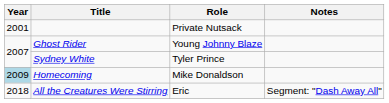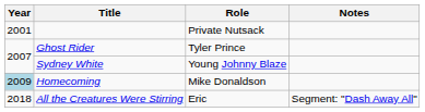 <table class="wikitable sortable">
 <tr>
 <th>Year</th>
 <th>Title</th>
 <th>Role</th>
 <th class="unsortable">Notes</th>
 </tr>
 <tr>
 <td>2001</td>
 <td><em></em></td>
 <td>Private Nutsack</td>
 <td></td>
 </tr>
 <tr>
 <td rowspan="2">2007</td>
 <td><em><a href='#'>Ghost Rider</a></em></td>
-<td>Young <a href='#'>Johnny Blaze</a></td>
+<td>Tyler Prince</td>
 <td></td>
 </tr>
 <tr>
 <td><em><a href='#'>Sydney White</a></em></td>
-<td>Tyler Prince</td>
+<td>Young <a href='#'>Johnny Blaze</a></td>
 <td></td>
 </tr>
 <tr>
 <td style="background: lightblue;">2009</td>
 <td><em><a href='#'>Homecoming</a></em></td>
 <td>Mike Donaldson</td>
 <td></td>
 </tr>
 <tr>
 <td>2018</td>
 <td><em><a href='#'>All the Creatures Were Stirring</a></em></td>
 <td>Eric</td>
 <td>Segment: "<a href='#'>Dash Away All</a>"</td>
 </tr>
 </table>
